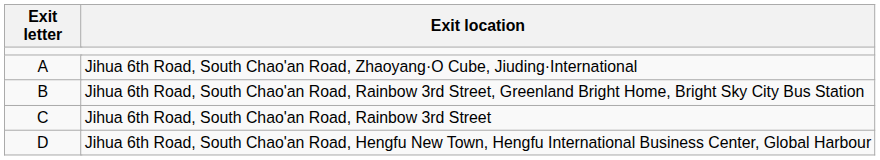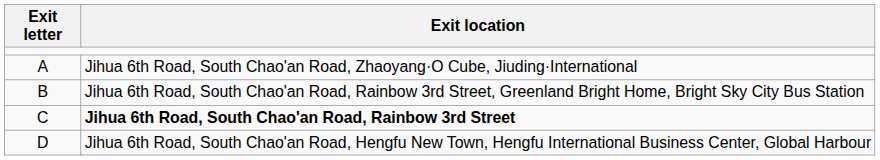 <table class="wikitable">
 <tr>
 <th colspan=2 style="width:70px">Exit letter</th>
 <th>Exit location</th>
 </tr>
 <tr style="background:#">
 <td colspan="4"></td>
 </tr>
 <tr>
 <td colspan=2 align=center>A</td>
 <td>Jihua 6th Road, South Chao'an Road, Zhaoyang·O Cube, Jiuding·International</td>
 </tr>
 <tr>
 <td colspan=2 align=center>B</td>
 <td>Jihua 6th Road, South Chao'an Road, Rainbow 3rd Street, Greenland Bright Home, Bright Sky City Bus Station</td>
 </tr>
 <tr>
 <td colspan=2 align=center>C</td>
-<td>Jihua 6th Road, South Chao'an Road, Rainbow 3rd Street</td>
+<td><strong>Jihua 6th Road, South Chao'an Road, Rainbow 3rd Street</strong></td>
 </tr>
 <tr>
 <td colspan=2 align=center>D</td>
 <td>Jihua 6th Road, South Chao'an Road, Hengfu New Town, Hengfu International Business Center, Global Harbour</td>
 </tr>
 </table>
